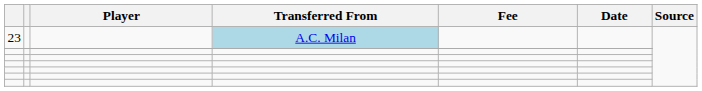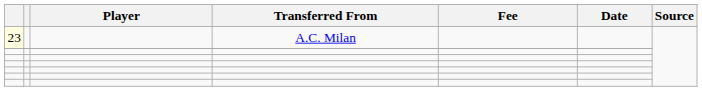 <table class="wikitable plainrowheaders sortable" style="font-size:95%">
 <tr>
 <th></th>
 <th></th>
 <th scope="col" style="width:200px;"><strong>Player</strong></th>
 <th scope="col" style="width:250px;"><strong>Transferred From</strong></th>
 <th scope="col" style="width:150px;"><strong>Fee</strong></th>
 <th scope="col" style="width:78px;"><strong>Date</strong></th>
 <th><strong>Source</strong></th>
 </tr>
 <tr>
-<td align=center>23</td>
+<td align=center style="background: lightyellow;">23</td>
 <td align=center></td>
 <td></td>
-<td align=center style="background: lightblue;"><a href='#'>A.C. Milan</a></td>
+<td align=center><a href='#'>A.C. Milan</a></td>
 <td align=center></td>
 <td align=center></td>
 </tr>
 <tr>
 </tr>
 <tr>
 <td align=center></td>
 <td align=center></td>
 <td></td>
 <td align=center></td>
 <td align=center></td>
 <td align=center></td>
 </tr>
 <tr>
 <td align=center></td>
 <td align=center></td>
 <td></td>
 <td align=center></td>
 <td align=center></td>
 <td align=center></td>
 </tr>
 <tr>
 <td align=center></td>
 <td align=center></td>
 <td></td>
 <td align=center></td>
 <td align=center></td>
 <td align=center></td>
 </tr>
 <tr>
 <td align=center></td>
 <td align=center></td>
 <td></td>
 <td align=center></td>
 <td align=center></td>
 <td align=center></td>
 </tr>
 <tr>
 <td align=center></td>
 <td align=center></td>
 <td></td>
 <td align=center></td>
 <td align=center></td>
 <td align=center></td>
 </tr>
 <tr>
 <td align=center></td>
 <td align=center></td>
 <td></td>
 <td align=center></td>
 <td align=center></td>
 <td align=center></td>
 </tr>
 </table>
